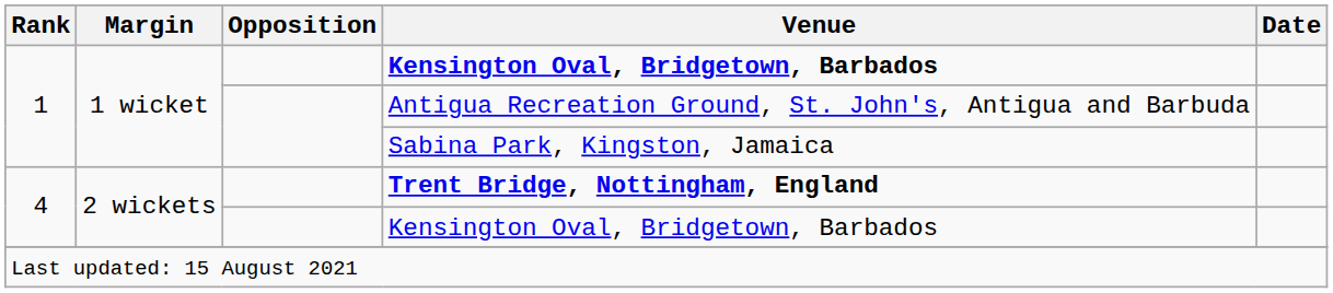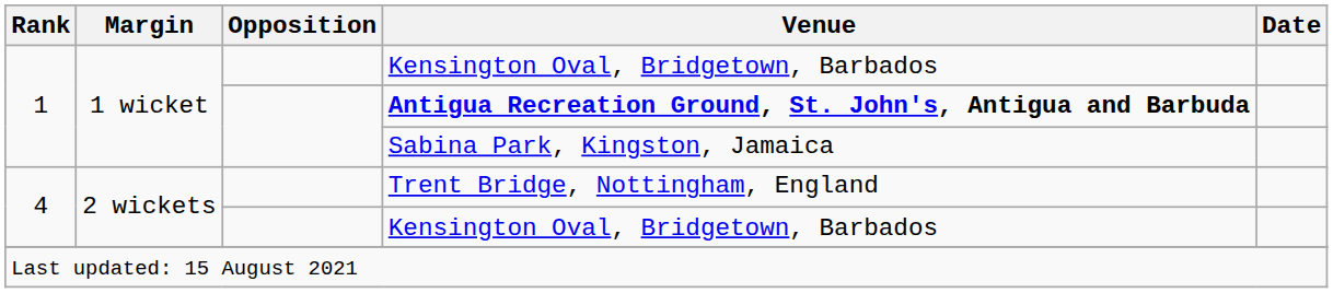 <table class="wikitable plainrowheaders sortable">
 <tr>
 <th scope=col>Rank</th>
 <th scope=col>Margin</th>
 <th scope=col>Opposition</th>
 <th scope=col>Venue</th>
 <th scope=col>Date</th>
 </tr>
 <tr>
 <td align=center rowspan=3>1</td>
 <td align=center rowspan=3>1 wicket</td>
 <td></td>
-<td><strong><a href='#'>Kensington Oval</a>, <a href='#'>Bridgetown</a>, Barbados</strong></td>
+<td><a href='#'>Kensington Oval</a>, <a href='#'>Bridgetown</a>, Barbados</td>
 <td></td>
 </tr>
 <tr>
 <td rowspan=2></td>
-<td><a href='#'>Antigua Recreation Ground</a>, <a href='#'>St. John's</a>, Antigua and Barbuda</td>
+<td><strong><a href='#'>Antigua Recreation Ground</a>, <a href='#'>St. John's</a>, Antigua and Barbuda</strong></td>
 <td></td>
 </tr>
 <tr>
 <td><a href='#'>Sabina Park</a>, <a href='#'>Kingston</a>, Jamaica</td>
 <td></td>
 </tr>
 <tr>
 <td align=center rowspan=2>4</td>
 <td align=center rowspan=2>2 wickets</td>
 <td></td>
-<td><strong><a href='#'>Trent Bridge</a>, <a href='#'>Nottingham</a>, England</strong></td>
+<td><a href='#'>Trent Bridge</a>, <a href='#'>Nottingham</a>, England</td>
 <td></td>
 </tr>
 <tr>
 <td></td>
 <td><a href='#'>Kensington Oval</a>, <a href='#'>Bridgetown</a>, Barbados</td>
 <td></td>
 </tr>
 <tr>
 </tr>
 <tr class=sortbottom>
 <td colspan=6><small>Last updated: 15 August 2021</small></td>
 </tr>
 </table>
